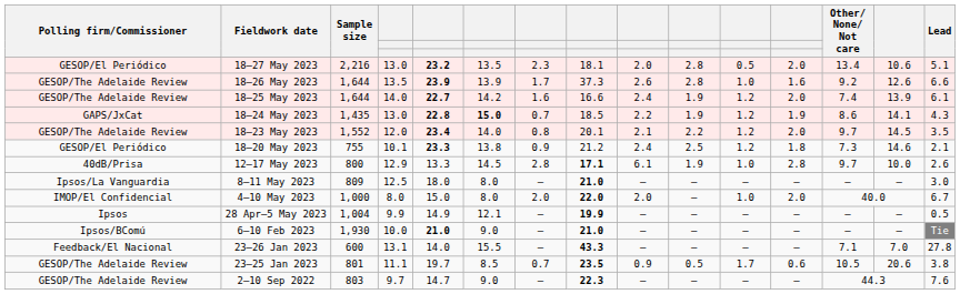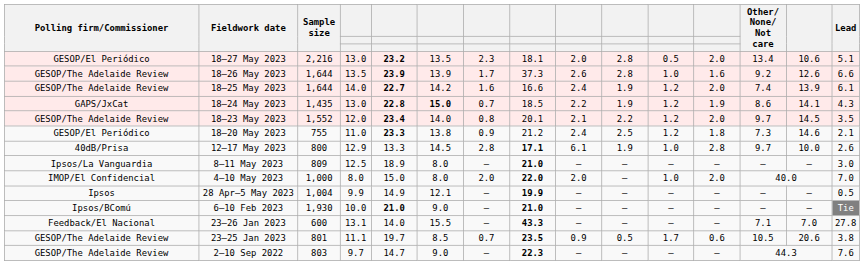 <table class="wikitable collapsible collapsed" style="text-align:center; font-size:90%; line-height:14px;">
 <tr style="height:42px;">
 <th style="width:250px;" rowspan="3">Polling firm/Commissioner</th>
 <th style="width:125px;" rowspan="3">Fieldwork date</th>
 <th style="width:50px;" rowspan="3">Sample size</th>
 <th style="width:35px;"></th>
 <th style="width:55px;"></th>
 <th style="width:55px;"></th>
 <th style="width:55px;"></th>
 <th style="width:55px;"></th>
 <th style="width:55px;"></th>
 <th style="width:55px;"></th>
 <th style="width:55px;"></th>
 <th style="width:55px;"></th>
 <th style="width:55px;" rowspan="3">Other/<br>None/<br>Not<br>care</th>
 <th style="width:55px;" rowspan="3"></th>
 <th style="width:30px;" rowspan="3">Lead</th>
 </tr>
 <tr>
 <th style="color:inherit;background:"></th>
 <th style="color:inherit;background:"></th>
 <th style="color:inherit;background:"></th>
 <th style="color:inherit;background:"></th>
 <th style="color:inherit;background:"></th>
 <th style="color:inherit;background:"></th>
 <th style="color:inherit;background:"></th>
 <th style="color:inherit;background:"></th>
 <th style="color:inherit;background:"></th>
 </tr>
 <tr>
 <th></th>
 <th></th>
 <th></th>
 <th></th>
 <th></th>
 <th></th>
 <th></th>
 <th></th>
 <th></th>
 </tr>
 <tr style="background:#FFEAEA;">
 <td>GESOP/El Periódico</td>
 <td>18–27 May 2023</td>
 <td>2,216</td>
 <td>13.0</td>
 <td><strong>23.2</strong></td>
 <td>13.5</td>
 <td>2.3</td>
 <td>18.1</td>
 <td>2.0</td>
 <td>2.8</td>
 <td>0.5</td>
 <td>2.0</td>
 <td>13.4</td>
 <td>10.6</td>
 <td style="background:">5.1</td>
 </tr>
 <tr style="background:#FFEAEA;">
 <td>GESOP/The Adelaide Review</td>
 <td>18–26 May 2023</td>
 <td>1,644</td>
 <td>13.5</td>
 <td><strong>23.9</strong></td>
 <td>13.9</td>
 <td>1.7</td>
 <td>37.3</td>
 <td>2.6</td>
 <td>2.8</td>
 <td>1.0</td>
 <td>1.6</td>
 <td>9.2</td>
 <td>12.6</td>
 <td style="background:">6.6</td>
 </tr>
 <tr style="background:#FFEAEA;">
 <td>GESOP/The Adelaide Review</td>
 <td>18–25 May 2023</td>
 <td>1,644</td>
 <td>14.0</td>
 <td><strong>22.7</strong></td>
 <td>14.2</td>
 <td>1.6</td>
 <td>16.6</td>
 <td>2.4</td>
 <td>1.9</td>
 <td>1.2</td>
 <td>2.0</td>
 <td>7.4</td>
 <td>13.9</td>
 <td style="background:">6.1</td>
 </tr>
 <tr style="background:#FFEAEA;">
 <td>GAPS/JxCat</td>
 <td>18–24 May 2023</td>
 <td>1,435</td>
 <td>13.0</td>
 <td><strong>22.8</strong></td>
 <td><strong>15.0</strong></td>
 <td>0.7</td>
 <td>18.5</td>
 <td>2.2</td>
 <td>1.9</td>
 <td>1.2</td>
 <td>1.9</td>
 <td>8.6</td>
 <td>14.1</td>
 <td style="background:">4.3</td>
 </tr>
 <tr style="background:#FFEAEA;">
 <td>GESOP/The Adelaide Review</td>
 <td>18–23 May 2023</td>
 <td>1,552</td>
 <td>12.0</td>
 <td><strong>23.4</strong></td>
 <td>14.0</td>
 <td>0.8</td>
 <td>20.1</td>
 <td>2.1</td>
 <td>2.2</td>
 <td>1.2</td>
 <td>2.0</td>
 <td>9.7</td>
 <td>14.5</td>
 <td style="background:">3.5</td>
 </tr>
 <tr>
 <td>GESOP/El Periódico</td>
 <td>18–20 May 2023</td>
 <td>755</td>
-<td>10.1</td>
+<td>11.0</td>
 <td><strong>23.3</strong></td>
 <td>13.8</td>
 <td>0.9</td>
 <td>21.2</td>
 <td>2.4</td>
 <td>2.5</td>
 <td>1.2</td>
 <td>1.8</td>
 <td>7.3</td>
 <td>14.6</td>
 <td style="background:">2.1</td>
 </tr>
 <tr>
 <td>40dB/Prisa</td>
 <td>12–17 May 2023</td>
 <td>800</td>
 <td>12.9</td>
 <td>13.3</td>
 <td>14.5</td>
 <td>2.8</td>
 <td><strong>17.1</strong></td>
 <td>6.1</td>
 <td>1.9</td>
 <td>1.0</td>
 <td>2.8</td>
 <td>9.7</td>
 <td>10.0</td>
 <td style="background:">2.6</td>
 </tr>
 <tr>
 <td>Ipsos/La Vanguardia</td>
 <td>8–11 May 2023</td>
 <td>809</td>
 <td>12.5</td>
-<td>18.0</td>
+<td>18.9</td>
 <td>8.0</td>
 <td>–</td>
 <td><strong>21.0</strong></td>
 <td>–</td>
 <td>–</td>
 <td>–</td>
 <td>–</td>
 <td>–</td>
 <td>–</td>
 <td style="background:">3.0</td>
 </tr>
 <tr>
 <td>IMOP/El Confidencial</td>
 <td>4–10 May 2023</td>
 <td>1,000</td>
 <td>8.0</td>
 <td>15.0</td>
 <td>8.0</td>
 <td>2.0</td>
 <td><strong>22.0</strong></td>
 <td>2.0</td>
 <td>–</td>
 <td>1.0</td>
 <td>2.0</td>
 <td colspan="2">40.0</td>
-<td style="background:">6.7</td>
+<td style="background:">7.0</td>
 </tr>
 <tr>
 <td>Ipsos</td>
 <td>28 Apr–5 May 2023</td>
 <td>1,004</td>
 <td>9.9</td>
 <td>14.9</td>
 <td>12.1</td>
 <td>–</td>
 <td><strong>19.9</strong></td>
 <td>–</td>
 <td>–</td>
 <td>–</td>
 <td>–</td>
 <td>–</td>
 <td>–</td>
 <td style="background:">0.5</td>
 </tr>
 <tr>
 <td>Ipsos/BComú</td>
 <td>6–10 Feb 2023</td>
 <td>1,930</td>
 <td>10.0</td>
 <td><strong>21.0</strong></td>
 <td>9.0</td>
 <td>–</td>
 <td><strong>21.0</strong></td>
 <td>–</td>
 <td>–</td>
 <td>–</td>
 <td>–</td>
 <td>–</td>
 <td>–</td>
 <td style="background:gray;color:white;">Tie</td>
 </tr>
 <tr>
 <td>Feedback/El Nacional</td>
 <td>23–26 Jan 2023</td>
 <td>600</td>
 <td>13.1</td>
 <td>14.0</td>
 <td>15.5</td>
 <td>–</td>
 <td><strong>43.3</strong></td>
 <td>–</td>
 <td>–</td>
 <td>–</td>
 <td>–</td>
 <td>7.1</td>
 <td>7.0</td>
 <td style="background:">27.8</td>
 </tr>
 <tr>
 <td>GESOP/The Adelaide Review</td>
 <td>23–25 Jan 2023</td>
 <td>801</td>
 <td>11.1</td>
 <td>19.7</td>
 <td>8.5</td>
 <td>0.7</td>
 <td><strong>23.5</strong></td>
 <td>0.9</td>
 <td>0.5</td>
 <td>1.7</td>
 <td>0.6</td>
 <td>10.5</td>
 <td>20.6</td>
 <td style="background:">3.8</td>
 </tr>
 <tr>
 <td>GESOP/The Adelaide Review</td>
 <td>2–10 Sep 2022</td>
 <td>803</td>
 <td>9.7</td>
 <td>14.7</td>
 <td>9.0</td>
 <td>–</td>
 <td><strong>22.3</strong></td>
 <td>–</td>
 <td>–</td>
 <td>–</td>
 <td>–</td>
 <td colspan="2">44.3</td>
 <td style="background:">7.6</td>
 </tr>
 </table>
